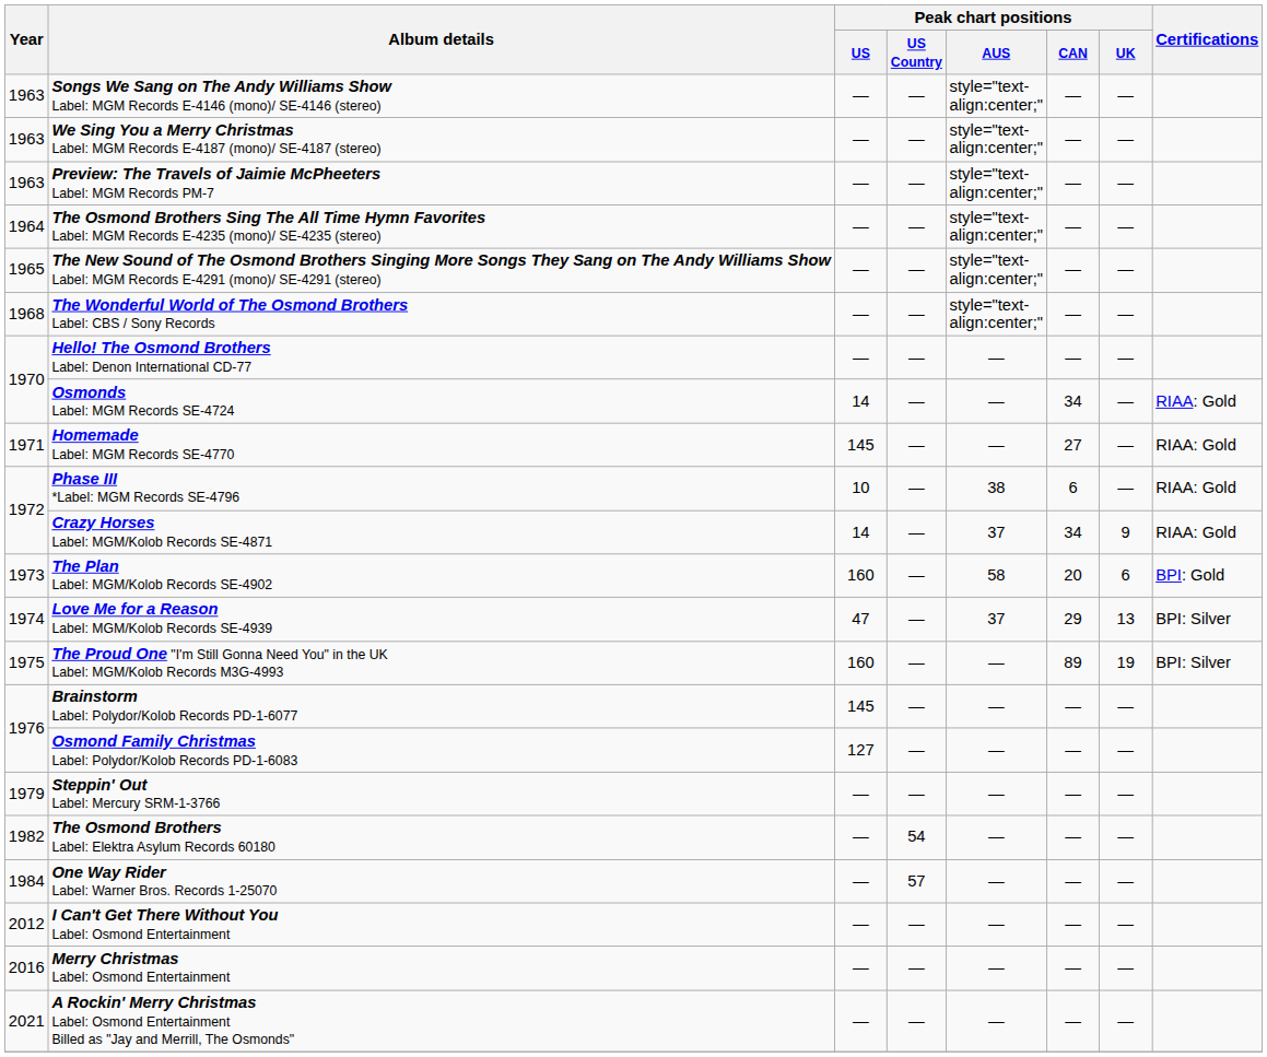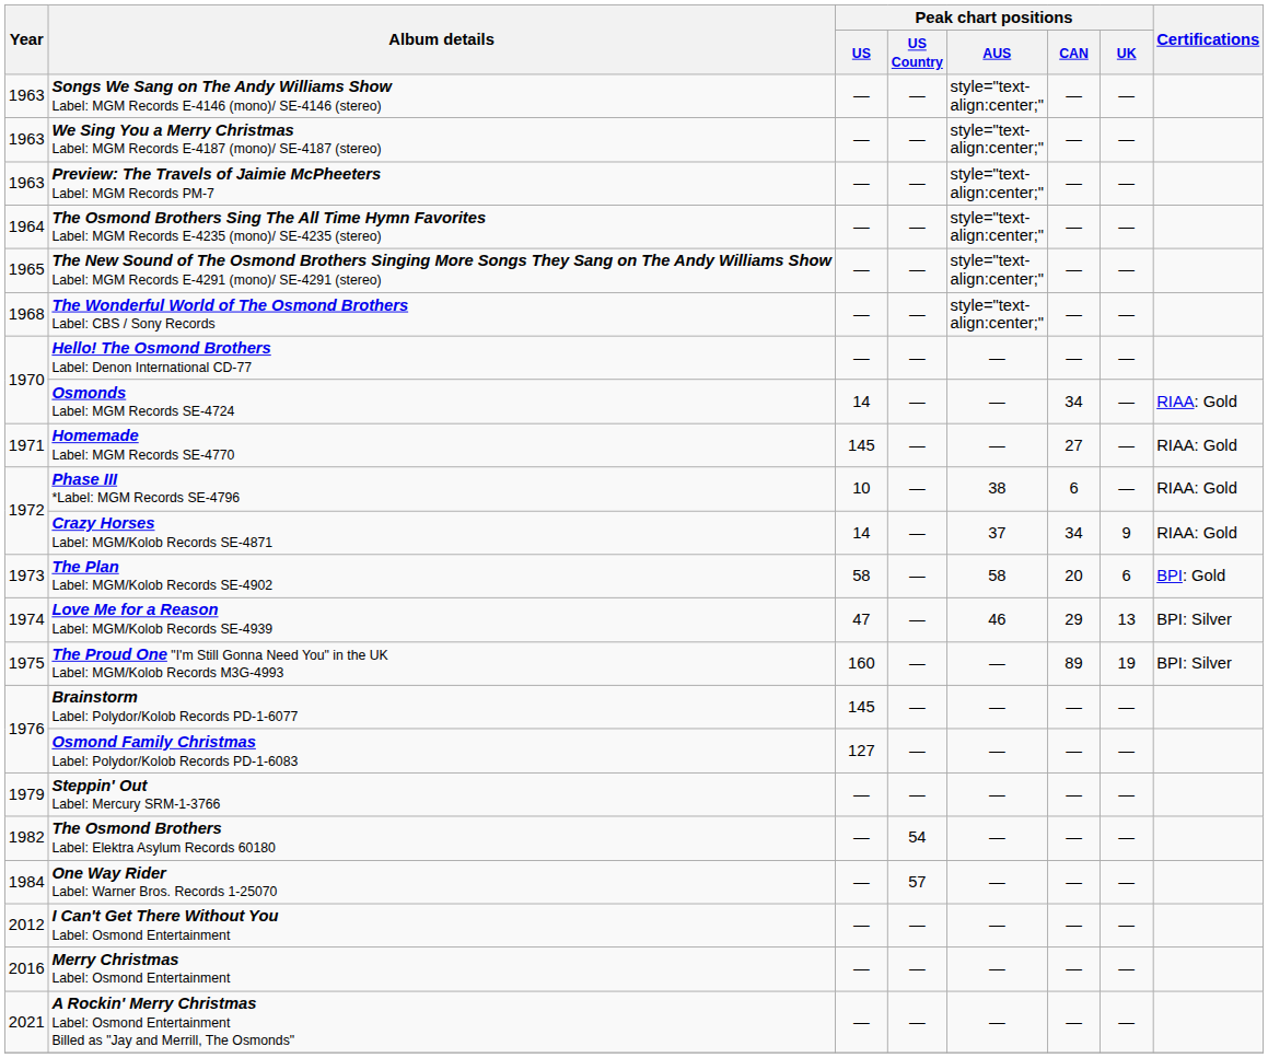 <table class="wikitable">
 <tr>
 <th rowspan="2">Year</th>
 <th rowspan="2">Album details</th>
 <th colspan="5">Peak chart positions</th>
 <th rowspan="2"><a href='#'>Certifications</a></th>
 </tr>
 <tr>
 <th style="width:45px;"><small><a href='#'>US</a></small><br></th>
 <th style="width:45px;"><small><a href='#'>US Country</a></small></th>
 <th style="width:45px;"><small><a href='#'>AUS</a></small></th>
 <th style="width:45px;"><small><a href='#'>CAN</a></small><br></th>
 <th style="width:45px;"><small><a href='#'>UK</a></small><br></th>
 </tr>
 <tr>
 <td>1963</td>
 <td><strong><em>Songs We Sang on The Andy Williams Show</em></strong><br><small>Label: MGM Records E-4146 (mono)/ SE-4146 (stereo)</small></td>
 <td style="text-align:center;">—</td>
 <td style="text-align:center;">—</td>
 <td>style="text-align:center;" </td>
 <td style="text-align:center;">—</td>
 <td style="text-align:center;">—</td>
 <td></td>
 </tr>
 <tr>
 <td>1963</td>
 <td><strong><em>We Sing You a Merry Christmas</em></strong><br><small>Label: MGM Records E-4187 (mono)/ SE-4187 (stereo) </small></td>
 <td style="text-align:center;">—</td>
 <td style="text-align:center;">—</td>
 <td>style="text-align:center;" </td>
 <td style="text-align:center;">—</td>
 <td style="text-align:center;">—</td>
 <td></td>
 </tr>
 <tr>
 <td>1963</td>
 <td><strong><em>Preview: The Travels of Jaimie McPheeters</em></strong><br><small>Label: MGM Records PM-7</small></td>
 <td style="text-align:center;">—</td>
 <td style="text-align:center;">—</td>
 <td>style="text-align:center;" </td>
 <td style="text-align:center;">—</td>
 <td style="text-align:center;">—</td>
 <td></td>
 </tr>
 <tr>
 <td>1964</td>
 <td><strong><em>The Osmond Brothers Sing The All Time Hymn Favorites</em></strong><br><small>Label: MGM Records E-4235 (mono)/ SE-4235 (stereo) </small></td>
 <td style="text-align:center;">—</td>
 <td style="text-align:center;">—</td>
 <td>style="text-align:center;" </td>
 <td style="text-align:center;">—</td>
 <td style="text-align:center;">—</td>
 <td></td>
 </tr>
 <tr>
 <td>1965</td>
 <td><strong><em>The New Sound of The Osmond Brothers Singing More Songs They Sang on The Andy Williams Show</em></strong><br><small>Label: MGM Records E-4291 (mono)/ SE-4291 (stereo) </small></td>
 <td style="text-align:center;">—</td>
 <td style="text-align:center;">—</td>
 <td>style="text-align:center;" </td>
 <td style="text-align:center;">—</td>
 <td style="text-align:center;">—</td>
 <td></td>
 </tr>
 <tr>
 <td rowspan='1'>1968</td>
 <td><strong><em><a href='#'>The Wonderful World of The Osmond Brothers</a></em></strong><br><small>Label: CBS / Sony Records</small></td>
 <td style="text-align:center;">—</td>
 <td style="text-align:center;">—</td>
 <td>style="text-align:center;" </td>
 <td style="text-align:center;">—</td>
 <td style="text-align:center;">—</td>
 <td></td>
 </tr>
 <tr>
 <td rowspan="2">1970</td>
 <td><strong><em><a href='#'>Hello! The Osmond Brothers</a></em></strong><br><small>Label: Denon International CD-77</small></td>
 <td style="text-align:center;">—</td>
 <td style="text-align:center;">—</td>
 <td style="text-align:center;">—</td>
 <td style="text-align:center;">—</td>
 <td style="text-align:center;">—</td>
 <td></td>
 </tr>
 <tr>
 <td><strong><em><a href='#'>Osmonds</a></em></strong><br><small>Label: MGM Records SE-4724</small></td>
 <td style="text-align:center;">14</td>
 <td style="text-align:center;">—</td>
 <td style="text-align:center;">—</td>
 <td style="text-align:center;">34</td>
 <td style="text-align:center;">—</td>
 <td><a href='#'>RIAA</a>: Gold</td>
 </tr>
 <tr>
 <td>1971</td>
 <td><strong><em><a href='#'>Homemade</a></em></strong><br><small>Label: MGM Records SE-4770</small></td>
 <td style="text-align:center;">145</td>
 <td style="text-align:center;">—</td>
 <td style="text-align:center;">—</td>
 <td style="text-align:center;">27</td>
 <td style="text-align:center;">—</td>
 <td>RIAA: Gold</td>
 </tr>
 <tr>
 <td rowspan="2">1972</td>
 <td><strong><em><a href='#'>Phase III</a></em></strong><br><small>*Label: MGM Records SE-4796</small></td>
 <td style="text-align:center;">10</td>
 <td style="text-align:center;">—</td>
 <td style="text-align:center;">38</td>
 <td style="text-align:center;">6</td>
 <td style="text-align:center;">—</td>
 <td>RIAA: Gold</td>
 </tr>
 <tr>
 <td><strong><em><a href='#'>Crazy Horses</a></em></strong><br><small>Label: MGM/Kolob Records SE-4871</small></td>
 <td style="text-align:center;">14</td>
 <td style="text-align:center;">—</td>
 <td style="text-align:center;">37</td>
 <td style="text-align:center;">34</td>
 <td style="text-align:center;">9</td>
 <td>RIAA: Gold</td>
 </tr>
 <tr>
 <td>1973</td>
 <td><strong><em><a href='#'>The Plan</a></em></strong><br><small>Label: MGM/Kolob Records SE-4902</small></td>
-<td style="text-align:center;">160</td>
+<td style="text-align:center;">58</td>
 <td style="text-align:center;">—</td>
 <td style="text-align:center;">58</td>
 <td style="text-align:center;">20</td>
 <td style="text-align:center;">6</td>
 <td><a href='#'>BPI</a>: Gold</td>
 </tr>
 <tr>
 <td>1974</td>
 <td><strong><em><a href='#'>Love Me for a Reason</a></em></strong><br><small>Label: MGM/Kolob Records SE-4939</small></td>
 <td style="text-align:center;">47</td>
 <td style="text-align:center;">—</td>
-<td style="text-align:center;">37</td>
+<td style="text-align:center;">46</td>
 <td style="text-align:center;">29</td>
 <td style="text-align:center;">13</td>
 <td>BPI: Silver</td>
 </tr>
 <tr>
 <td rowspan="1">1975</td>
 <td><strong><em><a href='#'>The Proud One</a></em></strong><small> "I'm Still Gonna Need You" in the UK</small><br><small>Label: MGM/Kolob Records M3G-4993</small></td>
 <td style="text-align:center;">160</td>
 <td style="text-align:center;">—</td>
 <td style="text-align:center;">—</td>
 <td style="text-align:center;">89</td>
 <td style="text-align:center;">19</td>
 <td>BPI: Silver</td>
 </tr>
 <tr>
 <td rowspan="2">1976</td>
 <td><strong><em>Brainstorm</em></strong><br><small>Label: Polydor/Kolob Records PD-1-6077</small></td>
 <td style="text-align:center;">145</td>
 <td style="text-align:center;">—</td>
 <td style="text-align:center;">—</td>
 <td style="text-align:center;">—</td>
 <td style="text-align:center;">—</td>
 <td></td>
 </tr>
 <tr>
 <td><strong><em><a href='#'>Osmond Family Christmas</a></em></strong><br><small>Label: Polydor/Kolob Records PD-1-6083</small></td>
 <td style="text-align:center;">127</td>
 <td style="text-align:center;">—</td>
 <td style="text-align:center;">—</td>
 <td style="text-align:center;">—</td>
 <td style="text-align:center;">—</td>
 <td></td>
 </tr>
 <tr>
 <td>1979</td>
 <td><strong><em>Steppin' Out</em></strong><br><small>Label: Mercury SRM-1-3766</small></td>
 <td style="text-align:center;">—</td>
 <td style="text-align:center;">—</td>
 <td style="text-align:center;">—</td>
 <td style="text-align:center;">—</td>
 <td style="text-align:center;">—</td>
 <td></td>
 </tr>
 <tr>
 <td>1982</td>
 <td><strong><em>The Osmond Brothers</em></strong><br><small>Label: Elektra Asylum Records 60180</small></td>
 <td style="text-align:center;">—</td>
 <td style="text-align:center;">54</td>
 <td style="text-align:center;">—</td>
 <td style="text-align:center;">—</td>
 <td style="text-align:center;">—</td>
 <td></td>
 </tr>
 <tr>
 <td>1984</td>
 <td><strong><em>One Way Rider</em></strong><br><small>Label: Warner Bros. Records 1-25070</small></td>
 <td style="text-align:center;">—</td>
 <td style="text-align:center;">57</td>
 <td style="text-align:center;">—</td>
 <td style="text-align:center;">—</td>
 <td style="text-align:center;">—</td>
 <td></td>
 </tr>
 <tr>
 <td>2012</td>
 <td><strong><em>I Can't Get There Without You</em></strong><br><small>Label: Osmond Entertainment</small></td>
 <td style="text-align:center;">—</td>
 <td style="text-align:center;">—</td>
 <td style="text-align:center;">—</td>
 <td style="text-align:center;">—</td>
 <td style="text-align:center;">—</td>
 <td></td>
 </tr>
 <tr>
 <td>2016</td>
 <td><strong><em>Merry Christmas</em></strong><br><small>Label: Osmond Entertainment</small></td>
 <td style="text-align:center;">—</td>
 <td style="text-align:center;">—</td>
 <td style="text-align:center;">—</td>
 <td style="text-align:center;">—</td>
 <td style="text-align:center;">—</td>
 <td></td>
 </tr>
 <tr>
 <td>2021</td>
 <td><strong><em>A Rockin' Merry Christmas</em></strong><br><small>Label: Osmond Entertainment<br>Billed as "Jay and Merrill, The Osmonds"</small></td>
 <td style="text-align:center;">—</td>
 <td style="text-align:center;">—</td>
 <td style="text-align:center;">—</td>
 <td style="text-align:center;">—</td>
 <td style="text-align:center;">—</td>
 <td></td>
 </tr>
 <tr>
 </tr>
 </table>
